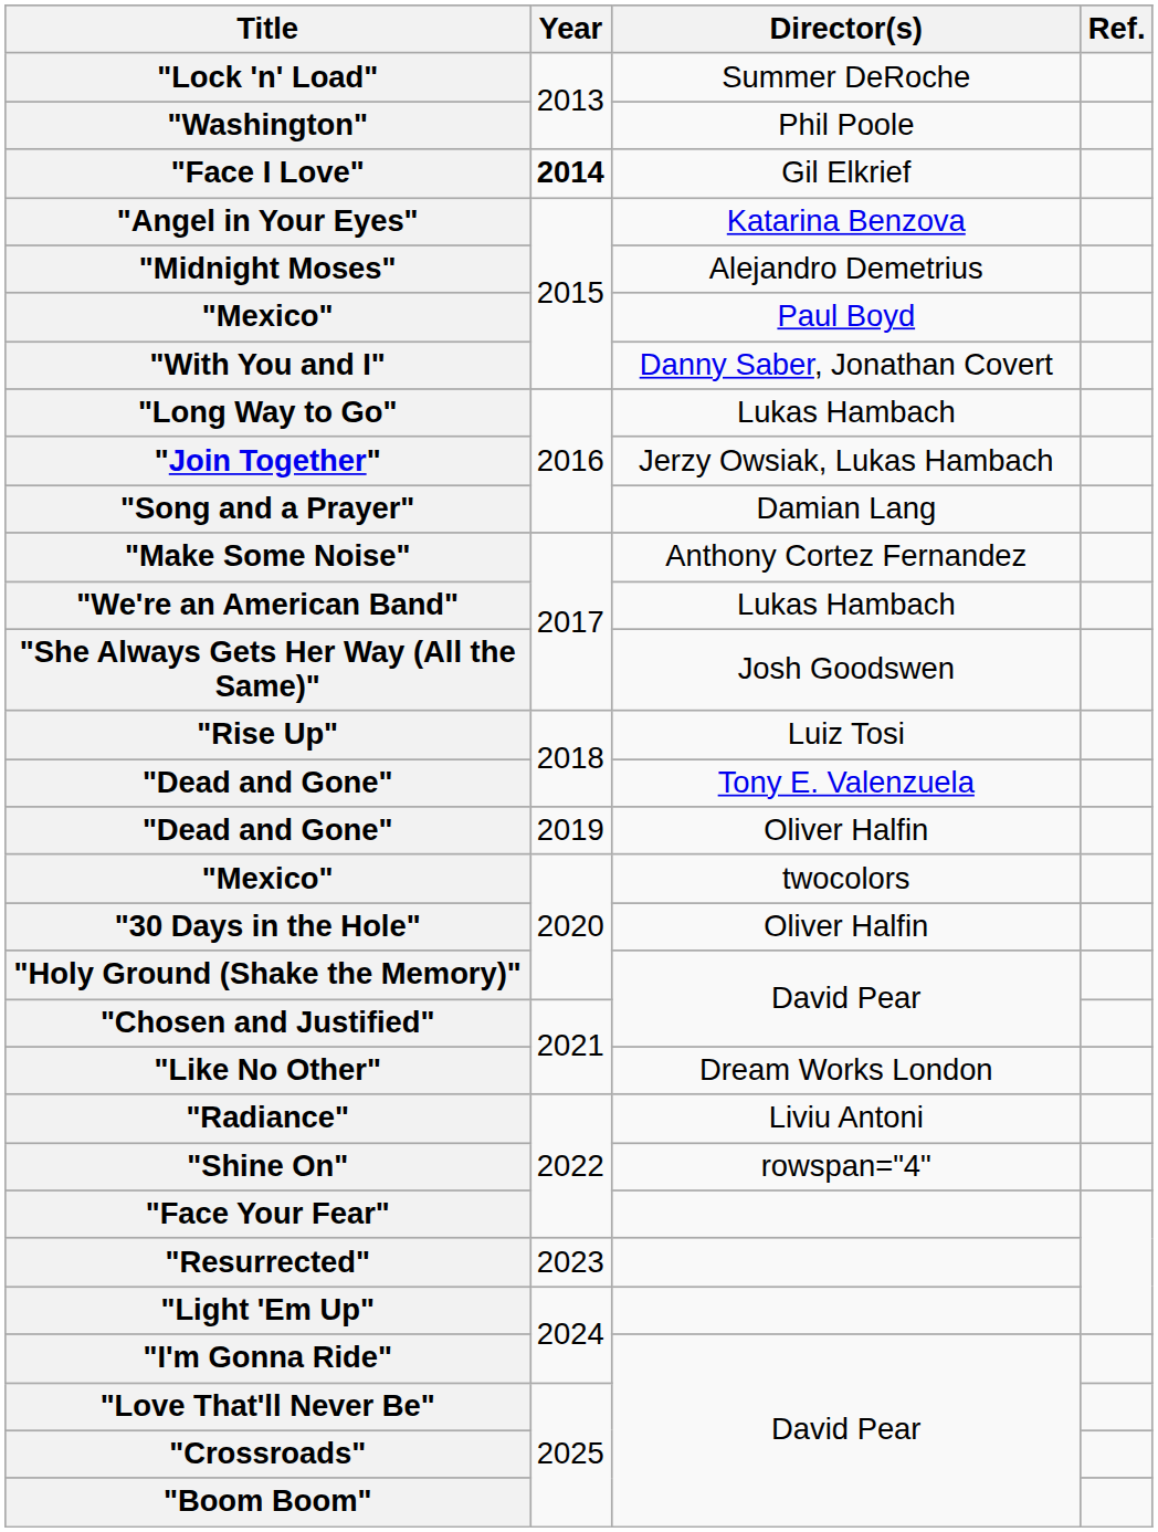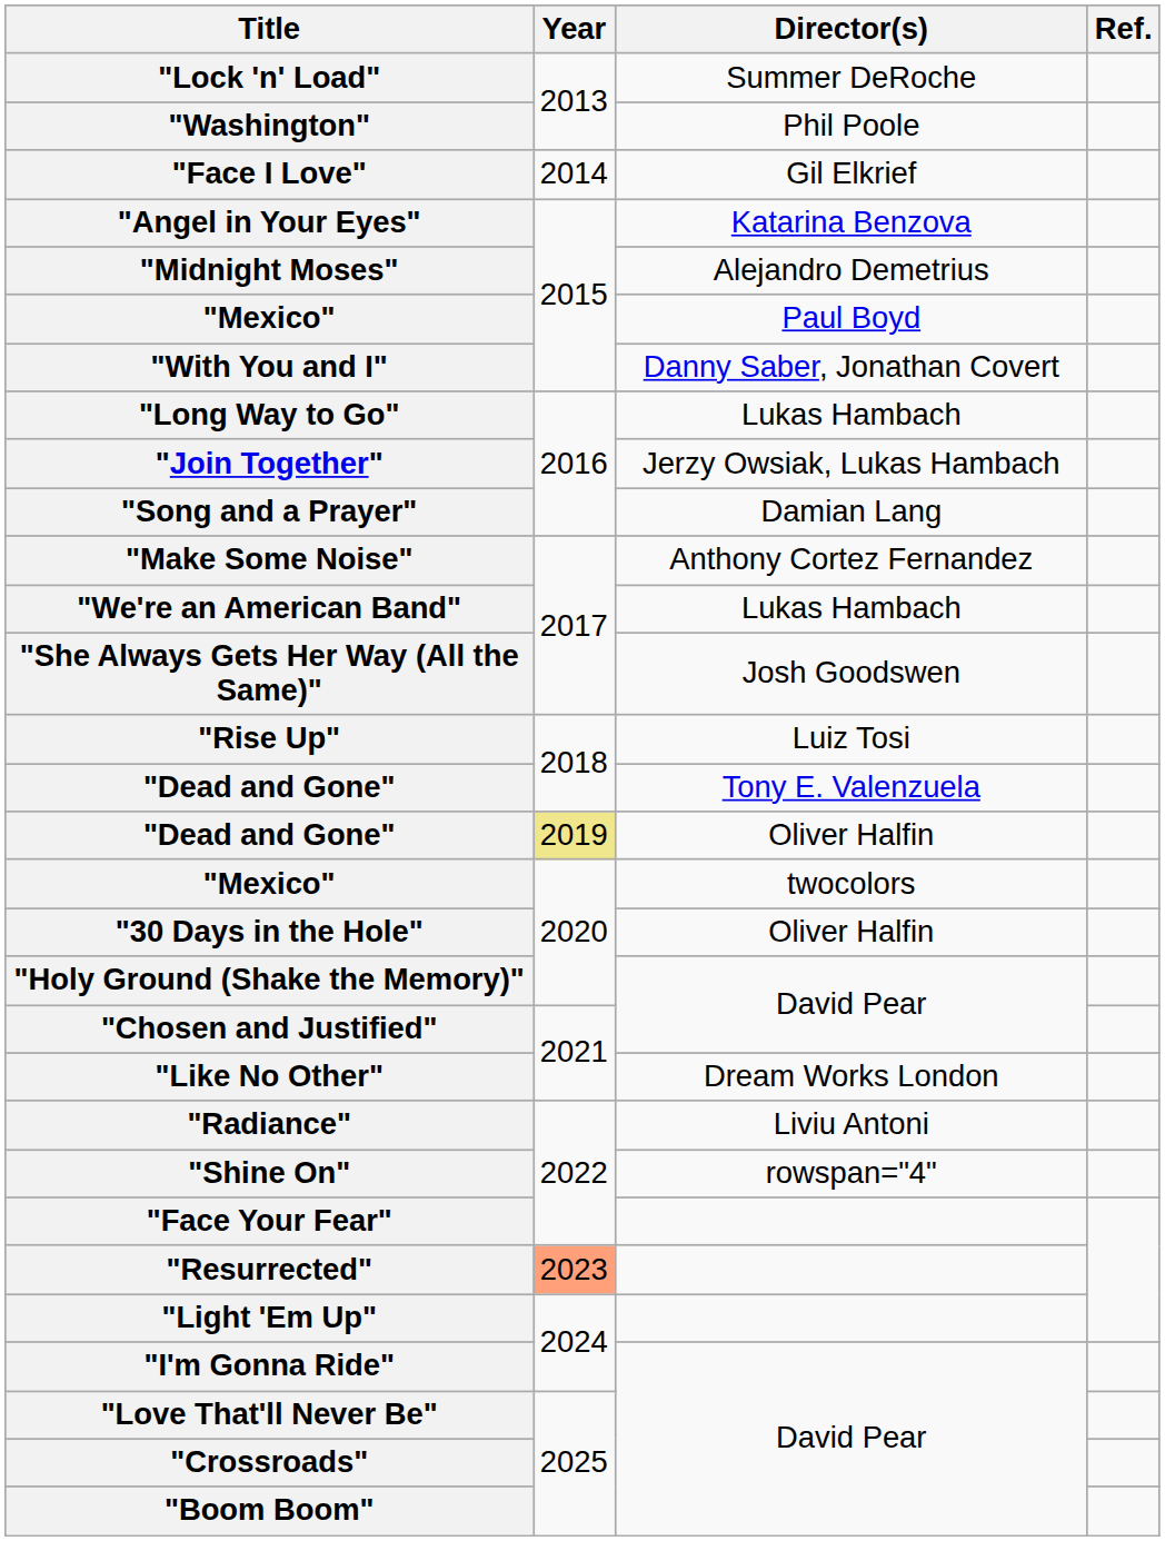 <table class="wikitable plainrowheaders" style="text-align:center;">
 <tr>
 <th scope="col" style="width:20em;">Title</th>
 <th scope="col">Year</th>
 <th scope="col" style="width:18em;">Director(s)</th>
 <th scope="col">Ref.</th>
 </tr>
 <tr>
 <th scope="row">"Lock 'n' Load" </th>
 <td rowspan="2">2013</td>
 <td>Summer DeRoche</td>
 <td></td>
 </tr>
 <tr>
 <th scope="row">"Washington"</th>
 <td>Phil Poole</td>
 <td></td>
 </tr>
 <tr>
 <th scope="row">"Face I Love"</th>
-<td><strong>2014</strong></td>
+<td>2014</td>
 <td>Gil Elkrief</td>
 <td></td>
 </tr>
 <tr>
 <th scope="row">"Angel in Your Eyes"</th>
 <td rowspan="4">2015</td>
 <td><a href='#'>Katarina Benzova</a></td>
 <td></td>
 </tr>
 <tr>
 <th scope="row">"Midnight Moses"</th>
 <td>Alejandro Demetrius</td>
 <td></td>
 </tr>
 <tr>
 <th scope="row">"Mexico"</th>
 <td><a href='#'>Paul Boyd</a></td>
 <td></td>
 </tr>
 <tr>
 <th scope="row">"With You and I"</th>
 <td><a href='#'>Danny Saber</a>, Jonathan Covert</td>
 <td></td>
 </tr>
 <tr>
 <th scope="row">"Long Way to Go"</th>
 <td rowspan="3">2016</td>
 <td>Lukas Hambach</td>
 <td></td>
 </tr>
 <tr>
 <th scope="row">"<a href='#'>Join Together</a>"</th>
 <td>Jerzy Owsiak, Lukas Hambach</td>
 <td></td>
 </tr>
 <tr>
 <th scope="row">"Song and a Prayer"</th>
 <td>Damian Lang</td>
 <td></td>
 </tr>
 <tr>
 <th scope="row">"Make Some Noise" </th>
 <td rowspan="3">2017</td>
 <td>Anthony Cortez Fernandez</td>
 <td></td>
 </tr>
 <tr>
 <th scope="row">"We're an American Band" </th>
 <td>Lukas Hambach</td>
 <td></td>
 </tr>
 <tr>
 <th scope="row">"She Always Gets Her Way (All the Same)"</th>
 <td>Josh Goodswen</td>
 <td></td>
 </tr>
 <tr>
 <th scope="row">"Rise Up"</th>
 <td rowspan="2">2018</td>
 <td>Luiz Tosi</td>
 <td></td>
 </tr>
 <tr>
 <th scope="row">"Dead and Gone"</th>
 <td><a href='#'>Tony E. Valenzuela</a></td>
 <td></td>
 </tr>
 <tr>
 <th scope="row">"Dead and Gone" </th>
-<td>2019</td>
+<td style="background: khaki;">2019</td>
 <td>Oliver Halfin</td>
 <td></td>
 </tr>
 <tr>
 <th scope="row">"Mexico" </th>
 <td rowspan="3">2020</td>
 <td>twocolors</td>
 <td></td>
 </tr>
 <tr>
 <th scope="row">"30 Days in the Hole"</th>
 <td>Oliver Halfin</td>
 <td></td>
 </tr>
 <tr>
 <th scope="row">"Holy Ground (Shake the Memory)"</th>
 <td rowspan="2">David Pear</td>
 <td></td>
 </tr>
 <tr>
 <th scope="row">"Chosen and Justified"</th>
 <td rowspan="2">2021</td>
 <td></td>
 </tr>
 <tr>
 <th scope="row">"Like No Other"</th>
 <td>Dream Works London</td>
 <td></td>
 </tr>
 <tr>
 <th scope="row">"Radiance"</th>
 <td rowspan="3">2022</td>
 <td>Liviu Antoni</td>
 <td></td>
 </tr>
 <tr>
 <th scope="row">"Shine On"</th>
 <td>rowspan="4" </td>
 <td></td>
 </tr>
 <tr>
 <th scope="row">"Face Your Fear"</th>
 <td></td>
 </tr>
 <tr>
 <th scope="row">"Resurrected"</th>
-<td>2023</td>
+<td style="background: lightsalmon;">2023</td>
 <td></td>
 </tr>
 <tr>
 <th scope="row">"Light 'Em Up"</th>
 <td rowspan="2">2024</td>
 <td></td>
 </tr>
 <tr>
 <th scope="row">"I'm Gonna Ride"</th>
 <td rowspan="4">David Pear</td>
 <td></td>
 </tr>
 <tr>
 <th scope="row">"Love That'll Never Be"</th>
 <td rowspan="3">2025</td>
 <td></td>
 </tr>
 <tr>
 <th scope="row">"Crossroads"</th>
 <td></td>
 </tr>
 <tr>
 <th scope="row">"Boom Boom"</th>
 <td></td>
 </tr>
 </table>
